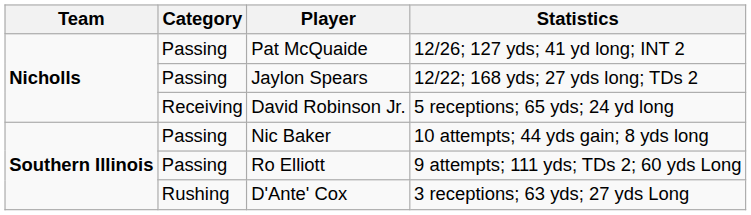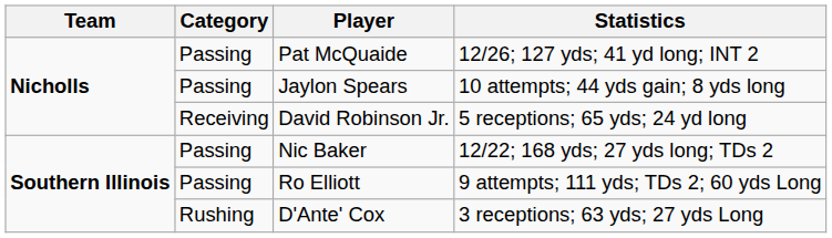 <table class="wikitable" style="float: right;">
 <tr>
 <th>Team</th>
 <th>Category</th>
 <th>Player</th>
 <th>Statistics</th>
 </tr>
 <tr>
 <td rowspan=3><strong>Nicholls</strong></td>
 <td>Passing</td>
 <td>Pat McQuaide</td>
 <td>12/26; 127 yds; 41 yd long; INT 2</td>
 </tr>
 <tr>
 <td>Passing</td>
 <td>Jaylon Spears</td>
-<td>12/22; 168 yds; 27 yds long; TDs 2</td>
+<td>10 attempts; 44 yds gain; 8 yds long</td>
 </tr>
 <tr>
 <td>Receiving</td>
 <td>David Robinson Jr.</td>
 <td>5 receptions; 65 yds; 24 yd long</td>
 </tr>
 <tr>
 <td rowspan=3><strong>Southern Illinois</strong></td>
 <td>Passing</td>
 <td>Nic Baker</td>
-<td>10 attempts; 44 yds gain; 8 yds long</td>
+<td>12/22; 168 yds; 27 yds long; TDs 2</td>
 </tr>
 <tr>
 <td>Passing</td>
 <td>Ro Elliott</td>
 <td>9 attempts; 111 yds; TDs 2; 60 yds Long</td>
 </tr>
 <tr>
 <td>Rushing</td>
 <td>D'Ante' Cox</td>
 <td>3 receptions; 63 yds; 27 yds Long</td>
 </tr>
 </table>
